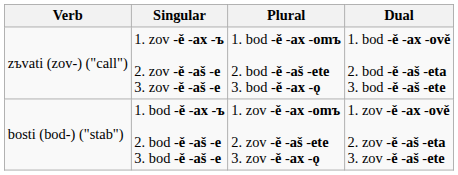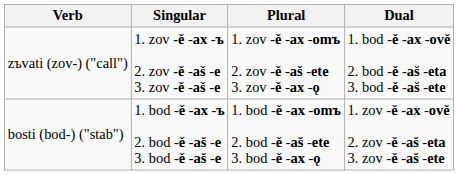 <table class="wikitable">
 <tr>
 <th>Verb</th>
 <th>Singular</th>
 <th>Plural</th>
 <th>Dual</th>
 </tr>
 <tr>
 <td>zъvati (zov-) ("call")</td>
 <td>1. zov -<strong>ě</strong> -<strong>ax</strong> -<strong>ъ</strong><br><br>2. zov -<strong>ě</strong> -<strong>aš</strong> -<strong>e</strong><br> 3. zov -<strong>ě</strong> -<strong>aš</strong> -<strong>e</strong><br></td>
-<td>1. bod -<strong>ě</strong> -<strong>ax</strong> -<strong>omъ</strong><br><br>2. bod -<strong>ě</strong> -<strong>aš</strong> -<strong>ete</strong><br> 3. bod -<strong>ě</strong> -<strong>ax</strong> -<strong>ǫ</strong><br></td>
+<td>1. zov -<strong>ě</strong> -<strong>ax</strong> -<strong>omъ</strong><br><br>2. zov -<strong>ě</strong> -<strong>aš</strong> -<strong>ete</strong><br> 3. zov -<strong>ě</strong> -<strong>ax</strong> -<strong>ǫ</strong><br></td>
 <td>1. bod -<strong>ě</strong> -<strong>ax</strong> -<strong>ově</strong><br><br>2. bod -<strong>ě</strong> -<strong>aš</strong> -<strong>eta</strong><br> 3. bod -<strong>ě</strong> -<strong>aš</strong> -<strong>ete</strong><br></td>
 </tr>
 <tr>
 <td>bosti (bod-) ("stab")</td>
 <td>1. bod -<strong>ě</strong> -<strong>ax</strong> -<strong>ъ</strong><br><br>2. bod -<strong>ě</strong> -<strong>aš</strong> -<strong>e</strong><br> 3. bod -<strong>ě</strong> -<strong>aš</strong> -<strong>e</strong><br></td>
-<td>1. zov -<strong>ě</strong> -<strong>ax</strong> -<strong>omъ</strong><br><br>2. zov -<strong>ě</strong> -<strong>aš</strong> -<strong>ete</strong><br> 3. zov -<strong>ě</strong> -<strong>ax</strong> -<strong>ǫ</strong><br></td>
+<td>1. bod -<strong>ě</strong> -<strong>ax</strong> -<strong>omъ</strong><br><br>2. bod -<strong>ě</strong> -<strong>aš</strong> -<strong>ete</strong><br> 3. bod -<strong>ě</strong> -<strong>ax</strong> -<strong>ǫ</strong><br></td>
 <td>1. zov -<strong>ě</strong> -<strong>ax</strong> -<strong>ově</strong><br><br>2. zov -<strong>ě</strong> -<strong>aš</strong> -<strong>eta</strong><br> 3. zov -<strong>ě</strong> -<strong>aš</strong> -<strong>ete</strong><br></td>
 </tr>
 </table>
